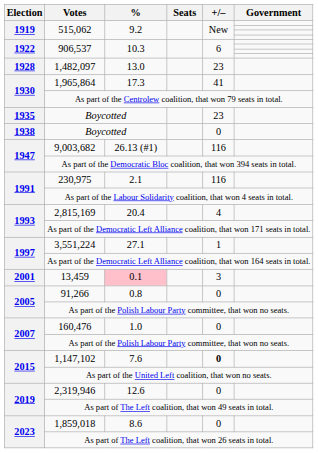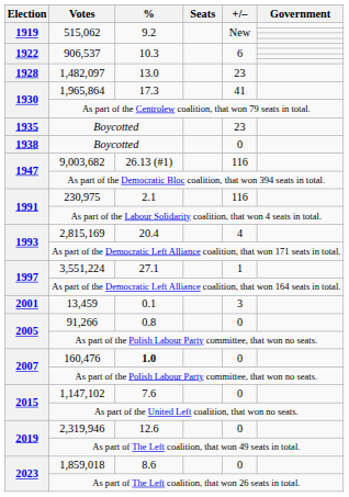 <table class=wikitable style="text-align:center;">
 <tr>
 <th>Election</th>
 <th>Votes</th>
 <th>%</th>
 <th>Seats</th>
 <th>+/–</th>
 <th>Government</th>
 </tr>
 <tr>
 <th rowspan=4><a href='#'>1919</a></th>
 <td rowspan=4>515,062</td>
 <td rowspan=4>9.2 </td>
 <td rowspan=4></td>
 <td rowspan=4>New</td>
 <td></td>
 </tr>
 <tr>
 <td></td>
 </tr>
 <tr>
 <td></td>
 </tr>
 <tr>
 <td></td>
 </tr>
 <tr>
 <th rowspan=4><a href='#'>1922</a></th>
 <td rowspan=4>906,537</td>
 <td rowspan=4>10.3 </td>
 <td rowspan=4></td>
 <td rowspan=4> 6</td>
 <td></td>
 </tr>
 <tr>
 <td></td>
 </tr>
 <tr>
 <td></td>
 </tr>
 <tr>
 <td></td>
 </tr>
 <tr>
 <th><a href='#'>1928</a></th>
 <td>1,482,097</td>
 <td>13.0 </td>
 <td></td>
 <td> 23</td>
 <td></td>
 </tr>
 <tr>
 <th rowspan="2"><a href='#'>1930</a></th>
 <td>1,965,864</td>
 <td>17.3 </td>
 <td></td>
 <td> 41</td>
 <td></td>
 </tr>
 <tr>
 <td colspan=5><small>As part of the <a href='#'>Centrolew</a> coalition, that won 79 seats in total.</small></td>
 </tr>
 <tr>
 <th><a href='#'>1935</a></th>
 <td colspan=2 style="text-align:center;"><em>Boycotted</em></td>
 <td></td>
 <td> 23</td>
 <td></td>
 </tr>
 <tr>
 <th><a href='#'>1938</a></th>
 <td colspan=2 style="text-align:center;"><em>Boycotted</em></td>
 <td></td>
 <td> 0</td>
 <td></td>
 </tr>
 <tr>
 <th rowspan="2"><a href='#'>1947</a></th>
 <td>9,003,682</td>
 <td>26.13 (#1)</td>
 <td></td>
 <td> 116</td>
 <td></td>
 </tr>
 <tr>
 <td colspan="5"><small>As part of the <a href='#'>Democratic Bloc</a> coalition, that won 394 seats in total. </small></td>
 </tr>
 <tr>
 <th rowspan="2"><a href='#'>1991</a></th>
 <td>230,975</td>
 <td>2.1 </td>
 <td></td>
 <td> 116</td>
 <td></td>
 </tr>
 <tr>
 <td colspan=5><small>As part of the <a href='#'>Labour Solidarity</a> coalition, that won 4 seats in total.</small></td>
 </tr>
 <tr>
 <th rowspan="2"><a href='#'>1993</a></th>
 <td>2,815,169</td>
 <td>20.4 </td>
 <td></td>
 <td> 4</td>
 <td></td>
 </tr>
 <tr>
 <td colspan=5><small>As part of the <a href='#'>Democratic Left Alliance</a> coalition, that won 171 seats in total.</small></td>
 </tr>
 <tr>
 <th rowspan="2"><a href='#'>1997</a></th>
 <td>3,551,224</td>
 <td>27.1 </td>
 <td></td>
 <td> 1</td>
 <td></td>
 </tr>
 <tr>
 <td colspan=5><small>As part of the <a href='#'>Democratic Left Alliance</a> coalition, that won 164 seats in total.</small></td>
 </tr>
 <tr>
 <th><a href='#'>2001</a></th>
 <td>13,459</td>
-<td style="background: pink;">0.1 </td>
+<td>0.1 </td>
 <td></td>
 <td> 3</td>
 <td></td>
 </tr>
 <tr>
 <th rowspan="2"><a href='#'>2005</a></th>
 <td>91,266</td>
 <td>0.8 </td>
 <td></td>
 <td> 0</td>
 <td></td>
 </tr>
 <tr>
 <td colspan=5><small>As part of the <a href='#'>Polish Labour Party</a> committee, that won no seats.</small></td>
 </tr>
 <tr>
 <th rowspan="2"><a href='#'>2007</a></th>
 <td>160,476</td>
-<td>1.0 </td>
+<td><strong>1.0 </strong></td>
 <td></td>
 <td> 0</td>
 <td></td>
 </tr>
 <tr>
 <td colspan=5><small>As part of the <a href='#'>Polish Labour Party</a> committee, that won no seats.</small></td>
 </tr>
 <tr>
 <th rowspan="2"><a href='#'>2015</a></th>
 <td>1,147,102</td>
 <td>7.6 </td>
 <td></td>
-<td><strong> 0</strong></td>
+<td> 0</td>
 <td></td>
 </tr>
 <tr>
 <td colspan=5><small>As part of the <a href='#'>United Left</a> coalition, that won no seats.</small></td>
 </tr>
 <tr>
 <th rowspan="2"><a href='#'>2019</a></th>
 <td>2,319,946</td>
 <td>12.6 </td>
 <td></td>
 <td> 0</td>
 <td></td>
 </tr>
 <tr>
 <td colspan=5><small>As part of <a href='#'>The Left</a> coalition, that won 49 seats in total.</small></td>
 </tr>
 <tr>
 <th rowspan="2"><a href='#'>2023</a></th>
 <td>1,859,018</td>
 <td>8.6 </td>
 <td></td>
 <td> 0</td>
 <td></td>
 </tr>
 <tr>
 <td colspan=5><small>As part of <a href='#'>The Left</a> coalition, that won 26 seats in total.</small></td>
 </tr>
 </table>
